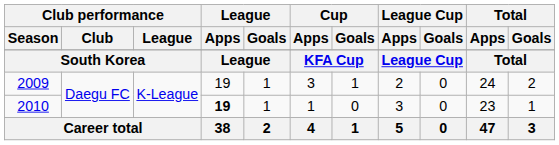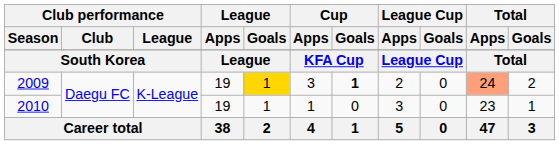 <table class="wikitable" style="text-align:center">
 <tr>
 <th colspan=3>Club performance</th>
 <th colspan=2>League</th>
 <th colspan=2>Cup</th>
 <th colspan=2>League Cup</th>
 <th colspan=2>Total</th>
 </tr>
 <tr>
 <th>Season</th>
 <th>Club</th>
 <th>League</th>
 <th>Apps</th>
 <th>Goals</th>
 <th>Apps</th>
 <th>Goals</th>
 <th>Apps</th>
 <th>Goals</th>
 <th>Apps</th>
 <th>Goals</th>
 </tr>
 <tr>
 </tr>
 <tr>
 <th colspan=3>South Korea</th>
 <th colspan=2>League</th>
 <th colspan=2><a href='#'>KFA Cup</a></th>
 <th colspan=2><a href='#'>League Cup</a></th>
 <th colspan=2>Total</th>
 </tr>
 <tr>
 <td><a href='#'>2009</a></td>
 <td rowspan="2"><a href='#'>Daegu FC</a></td>
 <td rowspan="2"><a href='#'>K-League</a></td>
 <td>19</td>
-<td>1</td>
+<td style="background: gold;">1</td>
 <td>3</td>
-<td>1</td>
+<td><strong>1</strong></td>
 <td>2</td>
 <td>0</td>
-<td>24</td>
+<td style="background: lightsalmon;">24</td>
 <td>2</td>
 </tr>
 <tr>
 <td><a href='#'>2010</a></td>
-<td><strong>19</strong></td>
+<td>19</td>
 <td>1</td>
 <td>1</td>
 <td>0</td>
 <td>3</td>
 <td>0</td>
 <td>23</td>
 <td>1</td>
 </tr>
 <tr>
 <th colspan=3>Career total</th>
 <th>38</th>
 <th>2</th>
 <th>4</th>
 <th>1</th>
 <th>5</th>
 <th>0</th>
 <th>47</th>
 <th>3</th>
 </tr>
 </table>
